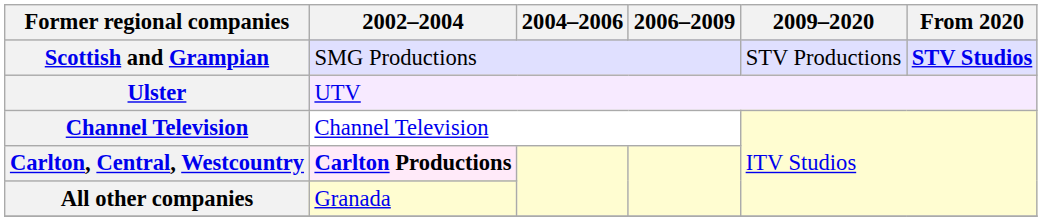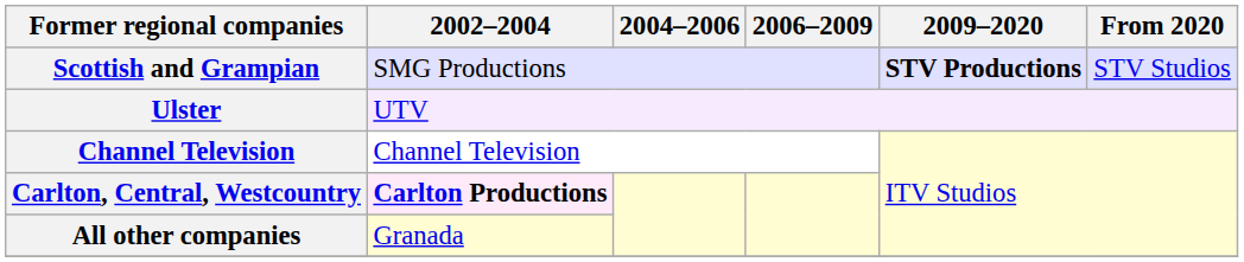 <table class="wikitable" style="line-height:110%;">
 <tr>
 <th>Former regional companies</th>
 <th>2002–2004</th>
 <th>2004–2006</th>
 <th>2006–2009</th>
 <th>2009–2020</th>
 <th>From 2020</th>
 </tr>
 <tr>
 <th scope="row"><a href='#'>Scottish</a> and <a href='#'>Grampian</a></th>
 <td colspan="3" style="background:#e0e0ff;">SMG Productions</td>
-<td style="background:#e0e0ff;">STV Productions</td>
-<td style="background:#e0e0ff;"><strong><a href='#'>STV Studios</a></strong></td>
+<td style="background:#e0e0ff;"><strong>STV Productions</strong></td>
+<td style="background:#e0e0ff;"><a href='#'>STV Studios</a></td>
 </tr>
 <tr>
 <th scope="row"><a href='#'>Ulster</a></th>
 <td colspan="5" style="background:#f7eaff;"><a href='#'>UTV</a></td>
 </tr>
 <tr>
 <th scope="row"><a href='#'>Channel Television</a></th>
 <td colspan="3" style="background:white;"><a href='#'>Channel Television</a></td>
 <td colspan="2" rowspan="3" style="background:#fffdd1;"><a href='#'>ITV Studios</a></td>
 </tr>
 <tr>
 <th scope="row"><a href='#'>Carlton</a>, <a href='#'>Central</a>, <a href='#'>Westcountry</a></th>
 <td style="background:#ffeaf9;"><strong><a href='#'>Carlton</a> Productions</strong></td>
 <td rowspan="2" style="background:#fffdd1;"></td>
 <td rowspan="2" style="background:#fffdd1;"></td>
 </tr>
 <tr>
 <th scope="row">All other companies</th>
 <td style="background:#fffdd1;"><a href='#'>Granada</a> </td>
 </tr>
 <tr>
 </tr>
 </table>
